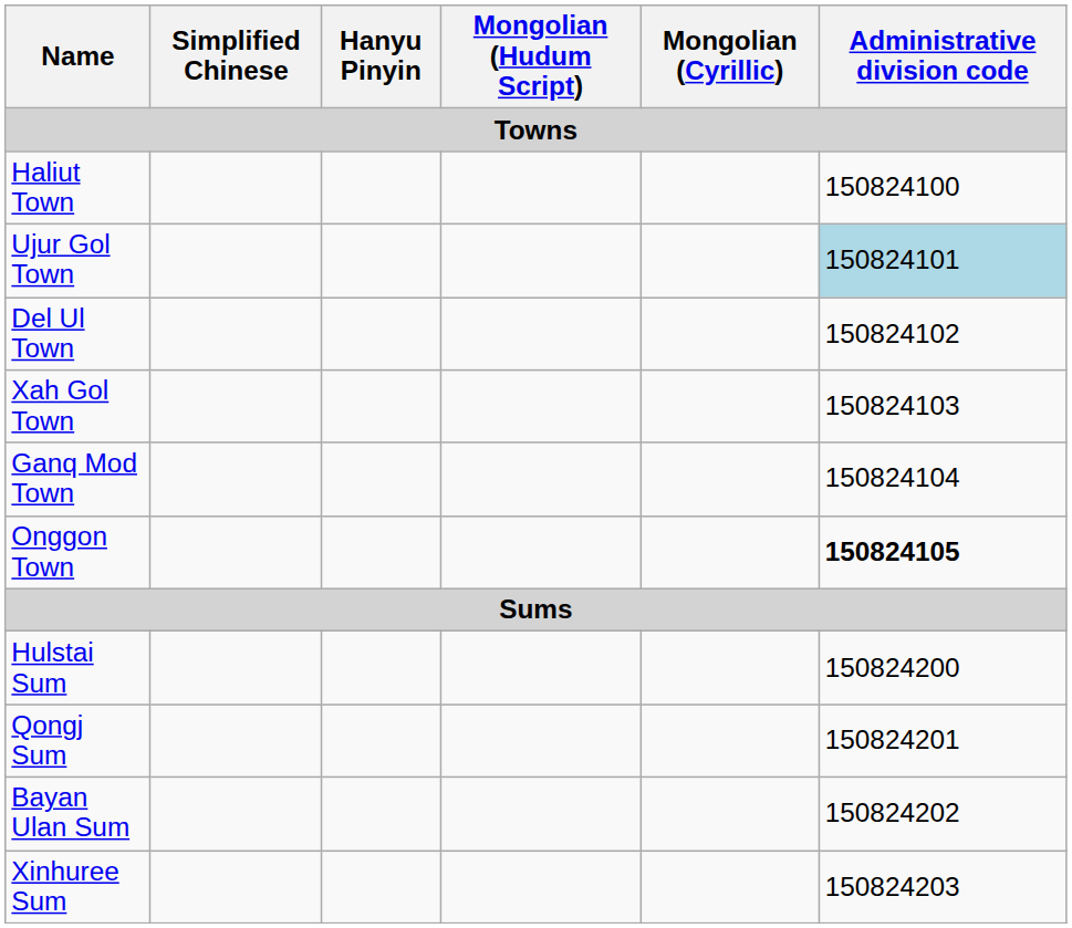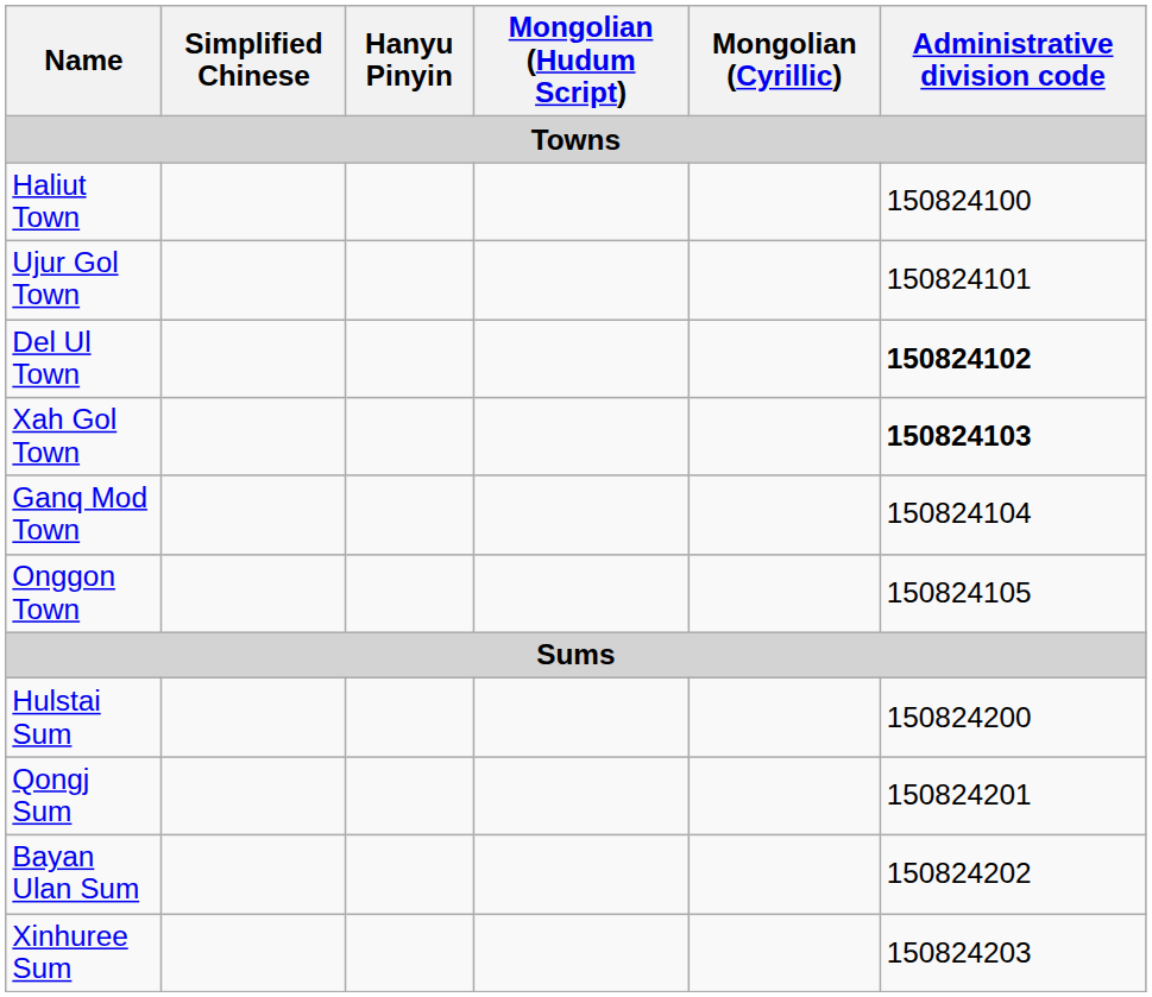 <table class="wikitable" align="center" style="width:50%; border="1">
 <tr>
 <th>Name</th>
 <th>Simplified Chinese</th>
 <th>Hanyu Pinyin</th>
 <th><a href='#'>Mongolian</a> (<a href='#'>Hudum Script</a>)</th>
 <th>Mongolian (<a href='#'>Cyrillic</a>)</th>
 <th><a href='#'>Administrative division code</a></th>
 </tr>
 <tr>
 <td colspan="6"  style="text-align:center; background:#d3d3d3;"><strong>Towns</strong></td>
 </tr>
 <tr --------->
 <td><a href='#'>Haliut Town</a></td>
 <td></td>
 <td></td>
 <td></td>
 <td></td>
 <td>150824100</td>
 </tr>
 <tr>
 <td><a href='#'>Ujur Gol Town</a></td>
 <td></td>
 <td></td>
 <td></td>
 <td></td>
-<td style="background: lightblue;">150824101</td>
+<td>150824101</td>
 </tr>
 <tr>
 <td><a href='#'>Del Ul Town</a></td>
 <td></td>
 <td></td>
 <td></td>
 <td></td>
-<td>150824102</td>
+<td><strong>150824102</strong></td>
 </tr>
 <tr>
 <td><a href='#'>Xah Gol Town</a></td>
 <td></td>
 <td></td>
 <td></td>
 <td></td>
-<td>150824103</td>
+<td><strong>150824103</strong></td>
 </tr>
 <tr>
 <td><a href='#'>Ganq Mod Town</a></td>
 <td></td>
 <td></td>
 <td></td>
 <td></td>
 <td>150824104</td>
 </tr>
 <tr>
 <td><a href='#'>Onggon Town</a></td>
 <td></td>
 <td></td>
 <td></td>
 <td></td>
-<td><strong>150824105</strong></td>
+<td>150824105</td>
 </tr>
 <tr>
 <td colspan="6"  style="text-align:center; background:#d3d3d3;"><strong>Sums</strong></td>
 </tr>
 <tr --------->
 <td><a href='#'>Hulstai Sum</a></td>
 <td></td>
 <td></td>
 <td></td>
 <td></td>
 <td>150824200</td>
 </tr>
 <tr>
 <td><a href='#'>Qongj Sum</a></td>
 <td></td>
 <td></td>
 <td></td>
 <td></td>
 <td>150824201</td>
 </tr>
 <tr>
 <td><a href='#'>Bayan Ulan Sum</a></td>
 <td></td>
 <td></td>
 <td></td>
 <td></td>
 <td>150824202</td>
 </tr>
 <tr>
 <td><a href='#'>Xinhuree Sum</a></td>
 <td></td>
 <td></td>
 <td></td>
 <td></td>
 <td>150824203</td>
 </tr>
 <tr>
 </tr>
 </table>
